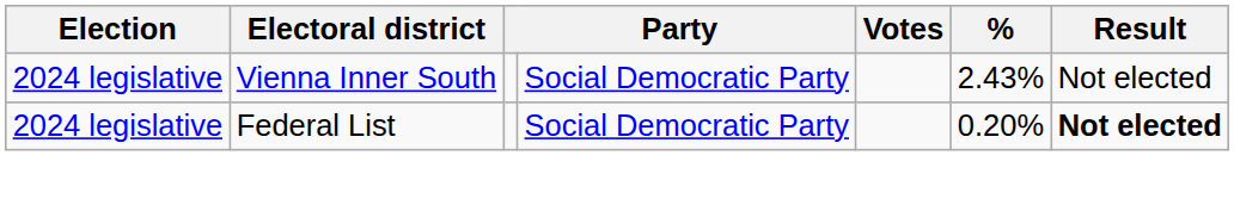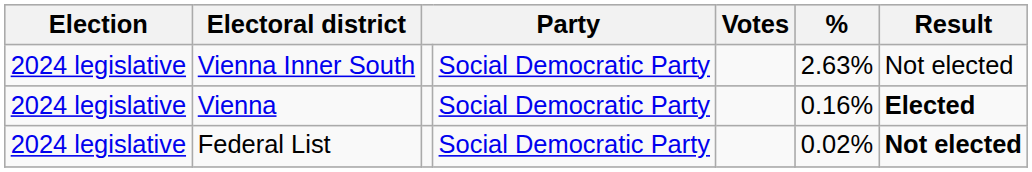 <table class="wikitable" style="text-align:left;">
 <tr>
 <th scope=col>Election</th>
 <th scope=col>Electoral district</th>
 <th scope=col colspan="2">Party</th>
 <th scope=col>Votes</th>
 <th scope=col>%</th>
 <th scope=col>Result</th>
 </tr>
 <tr>
 <td><a href='#'>2024 legislative</a></td>
 <td><a href='#'>Vienna Inner South</a></td>
 <td style="background:"></td>
 <td><a href='#'>Social Democratic Party</a></td>
 <td align=right></td>
-<td align=right>2.43%</td>
+<td align=right>2.63%</td>
 <td>Not elected</td>
+</tr>
+<tr>
+<td><a href='#'>2024 legislative</a></td>
+<td><a href='#'>Vienna</a></td>
+<td style="background:"></td>
+<td><a href='#'>Social Democratic Party</a></td>
+<td align=right></td>
+<td align=right>0.16%</td>
+<td><strong>Elected</strong></td>
 </tr>
 <tr>
 <td><a href='#'>2024 legislative</a></td>
 <td>Federal List</td>
 <td style="background:"></td>
 <td><a href='#'>Social Democratic Party</a></td>
 <td align=right></td>
-<td align=right>0.20%</td>
+<td align=right>0.02%</td>
 <td><strong>Not elected</strong></td>
 </tr>
 </table>
